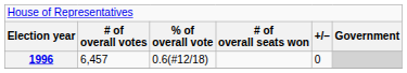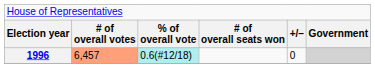 <table class=wikitable>
 <tr>
 <td colspan=6><a href='#'>House of Representatives</a></td>
 </tr>
 <tr>
 <th>Election year</th>
 <th># of<br>overall votes</th>
 <th>% of<br>overall vote</th>
 <th># of<br>overall seats won</th>
 <th>+/–</th>
 <th>Government</th>
 </tr>
 <tr>
 <th><a href='#'>1996</a></th>
-<td>6,457</td>
-<td>0.6(#12/18)</td>
+<td style="background: lightsalmon;">6,457</td>
+<td style="background: paleturquoise;">0.6(#12/18)</td>
 <td></td>
 <td> 0</td>
 <td bgcolor=lightgrey></td>
 </tr>
 <tr>
 </tr>
 </table>
